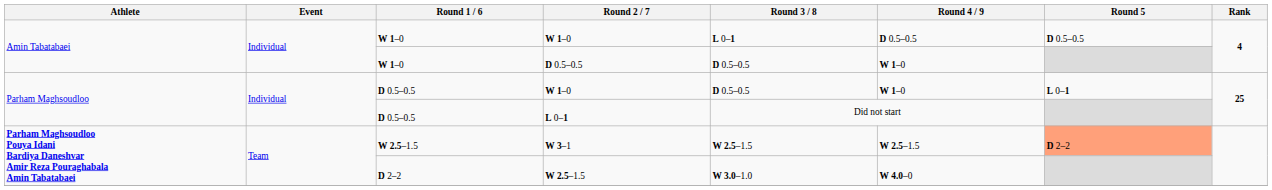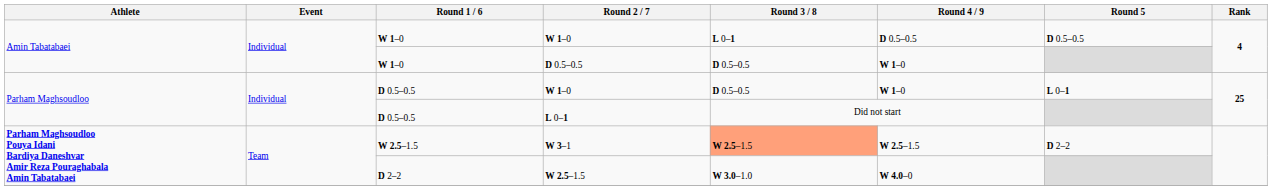 <table class="wikitable" width="98%" style="text-align:left; font-size:90%">
 <tr>
 <th width="13%">Athlete</th>
 <th width="7%">Event</th>
 <th width="9%">Round 1 / 6</th>
 <th width="9%">Round 2 / 7</th>
 <th width="9%">Round 3 / 8</th>
 <th width="9%">Round 4 / 9</th>
 <th width="9%">Round 5</th>
 <th width="3%">Rank</th>
 </tr>
 <tr>
 <td rowspan=2><a href='#'>Amin Tabatabaei</a></td>
 <td rowspan=2><a href='#'>Individual</a></td>
 <td><br><strong>W</strong> <strong>1</strong>–0</td>
 <td><br><strong>W</strong> <strong>1</strong>–0</td>
 <td><br><strong>L</strong> 0–<strong>1</strong></td>
 <td><br><strong>D</strong> 0.5–0.5</td>
 <td><br><strong>D</strong> 0.5–0.5</td>
 <td rowspan=2 align=center><strong>4</strong></td>
 </tr>
 <tr>
 <td><br><strong>W</strong> <strong>1</strong>–0</td>
 <td><br><strong>D</strong> 0.5–0.5</td>
 <td><br><strong>D</strong> 0.5–0.5</td>
 <td><br><strong>W</strong> <strong>1</strong>–0</td>
 <td bgcolor=#DCDCDC></td>
 </tr>
 <tr>
 <td rowspan=2><a href='#'>Parham Maghsoudloo</a></td>
 <td rowspan=2><a href='#'>Individual</a></td>
 <td><br><strong>D</strong> 0.5–0.5</td>
 <td><br><strong>W</strong> <strong>1</strong>–0</td>
 <td><br><strong>D</strong> 0.5–0.5</td>
 <td><br><strong>W</strong> <strong>1</strong>–0</td>
 <td><br><strong>L</strong> 0–<strong>1</strong></td>
 <td rowspan=2 align=center><strong>25</strong></td>
 </tr>
 <tr>
 <td><br><strong>D</strong> 0.5–0.5</td>
 <td><br><strong>L</strong> 0–<strong>1</strong></td>
 <td Colspan=2 align=center>Did not start</td>
 <td bgcolor=#DCDCDC></td>
 </tr>
 <tr>
 <td rowspan=2><strong><a href='#'>Parham Maghsoudloo</a></strong><br><strong><a href='#'>Pouya Idani</a></strong><br><strong><a href='#'>Bardiya Daneshvar</a></strong><br><strong><a href='#'>Amir Reza Pouraghabala</a></strong><br><strong><a href='#'>Amin Tabatabaei</a></strong></td>
 <td rowspan=2><a href='#'>Team</a></td>
 <td><br><strong>W</strong> <strong>2.5</strong>–1.5</td>
 <td><br><strong>W</strong> <strong>3</strong>–1</td>
+<td style="background: lightsalmon;"><br><strong>W</strong> <strong>2.5</strong>–1.5</td>
 <td><br><strong>W</strong> <strong>2.5</strong>–1.5</td>
-<td><br><strong>W</strong> <strong>2.5</strong>–1.5</td>
-<td style="background: lightsalmon;"><br><strong>D</strong> 2–2</td>
+<td><br><strong>D</strong> 2–2</td>
 <td rowspan=2 align=center></td>
 </tr>
 <tr>
 <td><br><strong>D</strong> 2–2</td>
 <td><br><strong>W</strong> <strong>2.5</strong>–1.5</td>
 <td><br><strong>W</strong> <strong>3.0</strong>–1.0</td>
 <td><br><strong>W</strong> <strong>4.0</strong>–0</td>
 <td bgcolor=#DCDCDC></td>
 </tr>
 <tr>
 </tr>
 </table>
